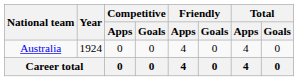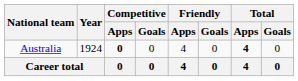 <table class="wikitable" style="text-align:center">
 <tr>
 <th rowspan="2">National team</th>
 <th rowspan="2">Year</th>
 <th colspan="2">Competitive</th>
 <th colspan="2">Friendly</th>
 <th colspan="2">Total</th>
 </tr>
 <tr>
 <th>Apps</th>
 <th>Goals</th>
 <th>Apps</th>
 <th>Goals</th>
 <th>Apps</th>
 <th>Goals</th>
 </tr>
 <tr>
 <td><a href='#'>Australia</a></td>
 <td>1924</td>
-<td>0</td>
+<td><strong>0</strong></td>
 <td>0</td>
 <td>4</td>
 <td>0</td>
-<td>4</td>
+<td><strong>4</strong></td>
 <td>0</td>
 </tr>
 <tr>
 <th colspan=2>Career total</th>
 <th>0</th>
 <th>0</th>
 <th>4</th>
 <th>0</th>
 <th>4</th>
 <th>0</th>
 </tr>
 </table>
